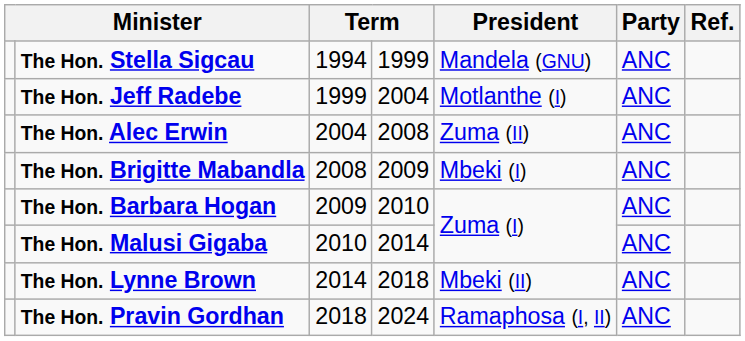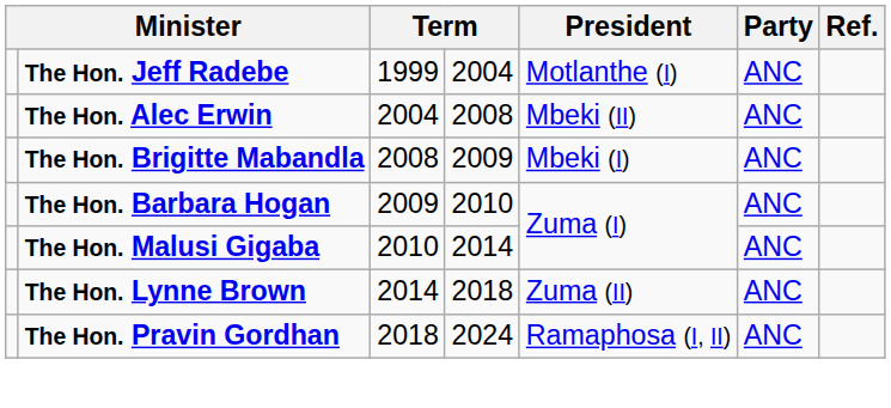 <table class="wikitable">
 <tr>
 <th colspan=2>Minister</th>
 <th colspan="2">Term</th>
 <th>President</th>
 <th>Party</th>
 <th>Ref.</th>
-</tr>
-<tr>
-<td style="background-color: "></td>
-<td><strong><small>The Hon.</small> <a href='#'>Stella Sigcau</a></strong></td>
-<td>1994</td>
-<td>1999</td>
-<td><a href='#'>Mandela</a> <small>(<a href='#'>GNU</a>)</small></td>
-<td><a href='#'>ANC</a></td>
-<td></td>
 </tr>
 <tr>
 <td style="background-color: "></td>
 <td><strong><small>The Hon.</small> <a href='#'>Jeff Radebe</a></strong></td>
 <td>1999</td>
 <td>2004</td>
 <td><a href='#'>Motlanthe</a> <small>(<a href='#'>I</a>)</small></td>
 <td><a href='#'>ANC</a></td>
 <td></td>
 </tr>
 <tr>
 <td style="background-color: "></td>
 <td><strong><small>The Hon.</small> <a href='#'>Alec Erwin</a></strong></td>
 <td>2004</td>
 <td>2008</td>
-<td><a href='#'>Zuma</a> <small>(<a href='#'>II</a>)</small></td>
+<td><a href='#'>Mbeki</a> <small>(<a href='#'>II</a>)</small></td>
 <td><a href='#'>ANC</a></td>
 <td></td>
 </tr>
 <tr>
 <td style="background-color: "></td>
 <td><strong><small>The Hon.</small> <a href='#'>Brigitte Mabandla</a></strong></td>
 <td>2008</td>
 <td>2009</td>
 <td><a href='#'>Mbeki</a> <small>(<a href='#'>I</a>)</small></td>
 <td><a href='#'>ANC</a></td>
 <td></td>
 </tr>
 <tr>
 <td style="background-color: "></td>
 <td><strong><small>The Hon.</small> <a href='#'>Barbara Hogan</a></strong></td>
 <td>2009</td>
 <td>2010</td>
 <td rowspan="2"><a href='#'>Zuma</a> <small>(<a href='#'>I</a>)</small></td>
 <td><a href='#'>ANC</a></td>
 <td></td>
 </tr>
 <tr>
 <td style="background-color: "></td>
 <td><strong><small>The Hon.</small> <a href='#'>Malusi Gigaba</a></strong></td>
 <td>2010</td>
 <td>2014</td>
 <td><a href='#'>ANC</a></td>
 <td></td>
 </tr>
 <tr>
 <td style="background-color: "></td>
 <td><strong><small>The Hon.</small> <a href='#'>Lynne Brown</a></strong></td>
 <td>2014</td>
 <td>2018</td>
-<td><a href='#'>Mbeki</a> <small>(<a href='#'>II</a>)</small></td>
+<td><a href='#'>Zuma</a> <small>(<a href='#'>II</a>)</small></td>
 <td><a href='#'>ANC</a></td>
 <td></td>
 </tr>
 <tr>
 <td style="background-color: "></td>
 <td><strong><small>The Hon.</small> <a href='#'>Pravin Gordhan</a></strong></td>
 <td>2018</td>
 <td>2024</td>
 <td><a href='#'>Ramaphosa</a> <small>(<a href='#'>I</a>, <a href='#'>II</a>)</small></td>
 <td><a href='#'>ANC</a></td>
 <td></td>
 </tr>
 </table>
